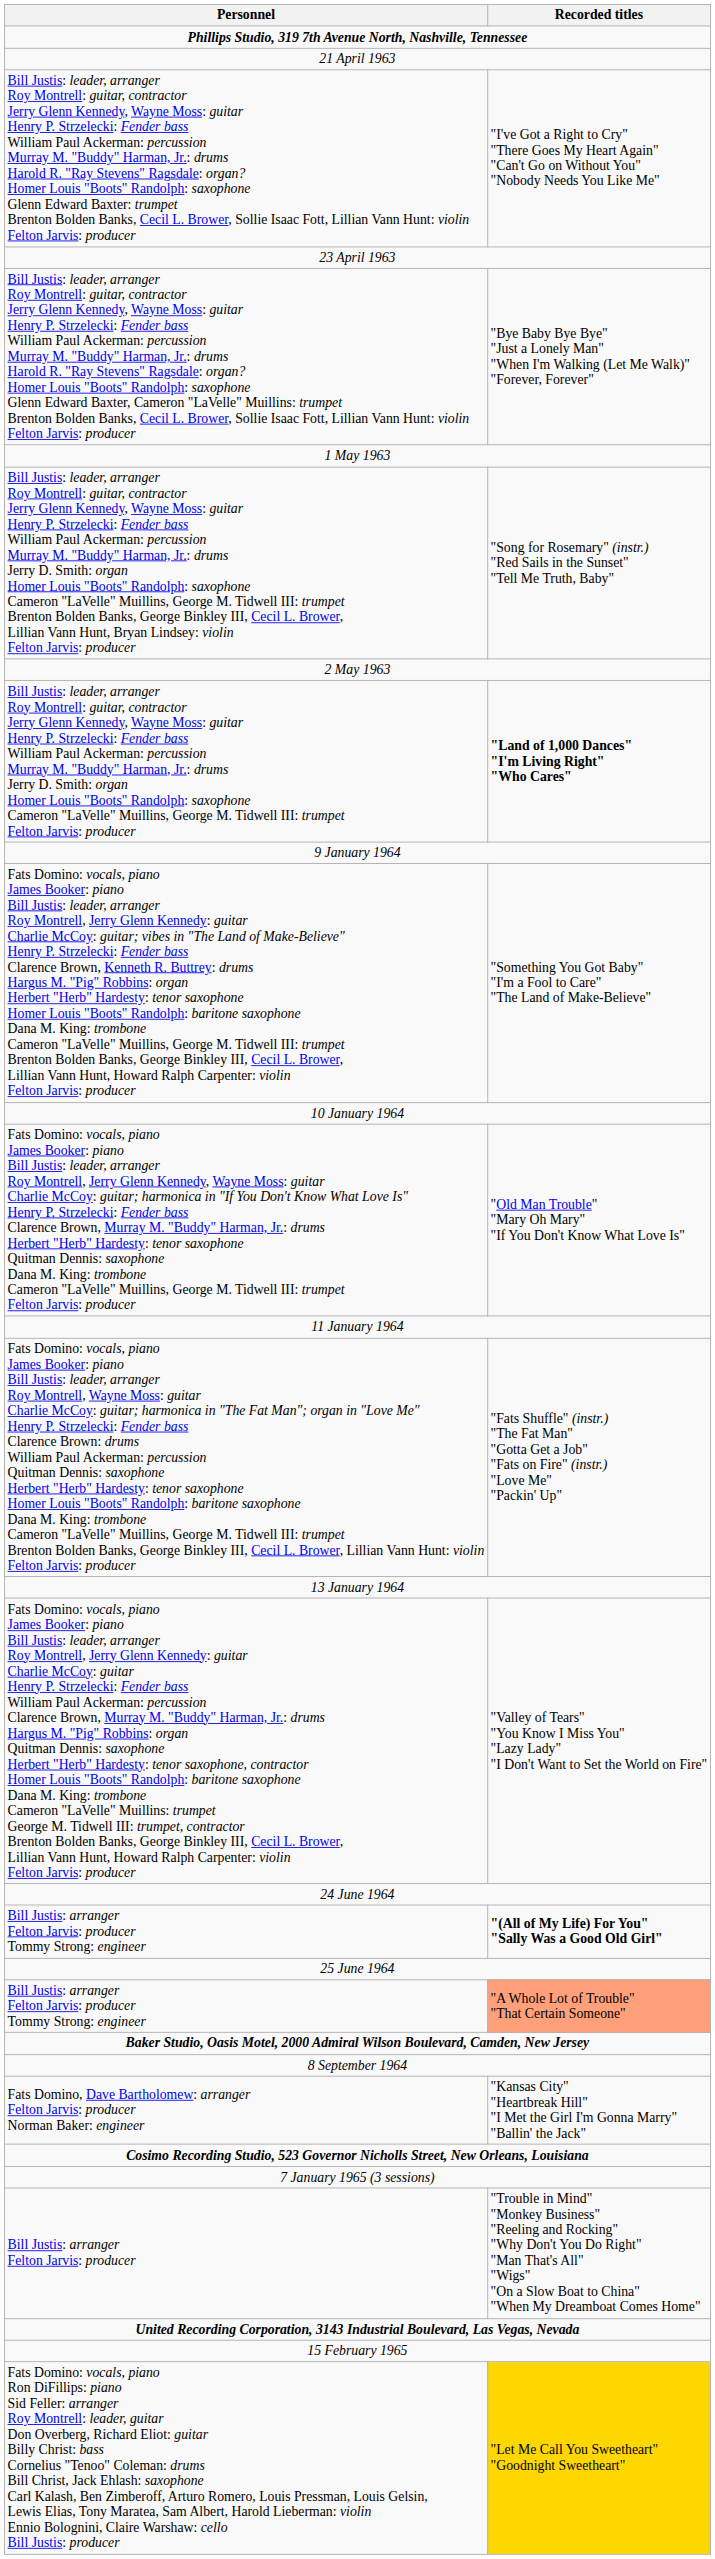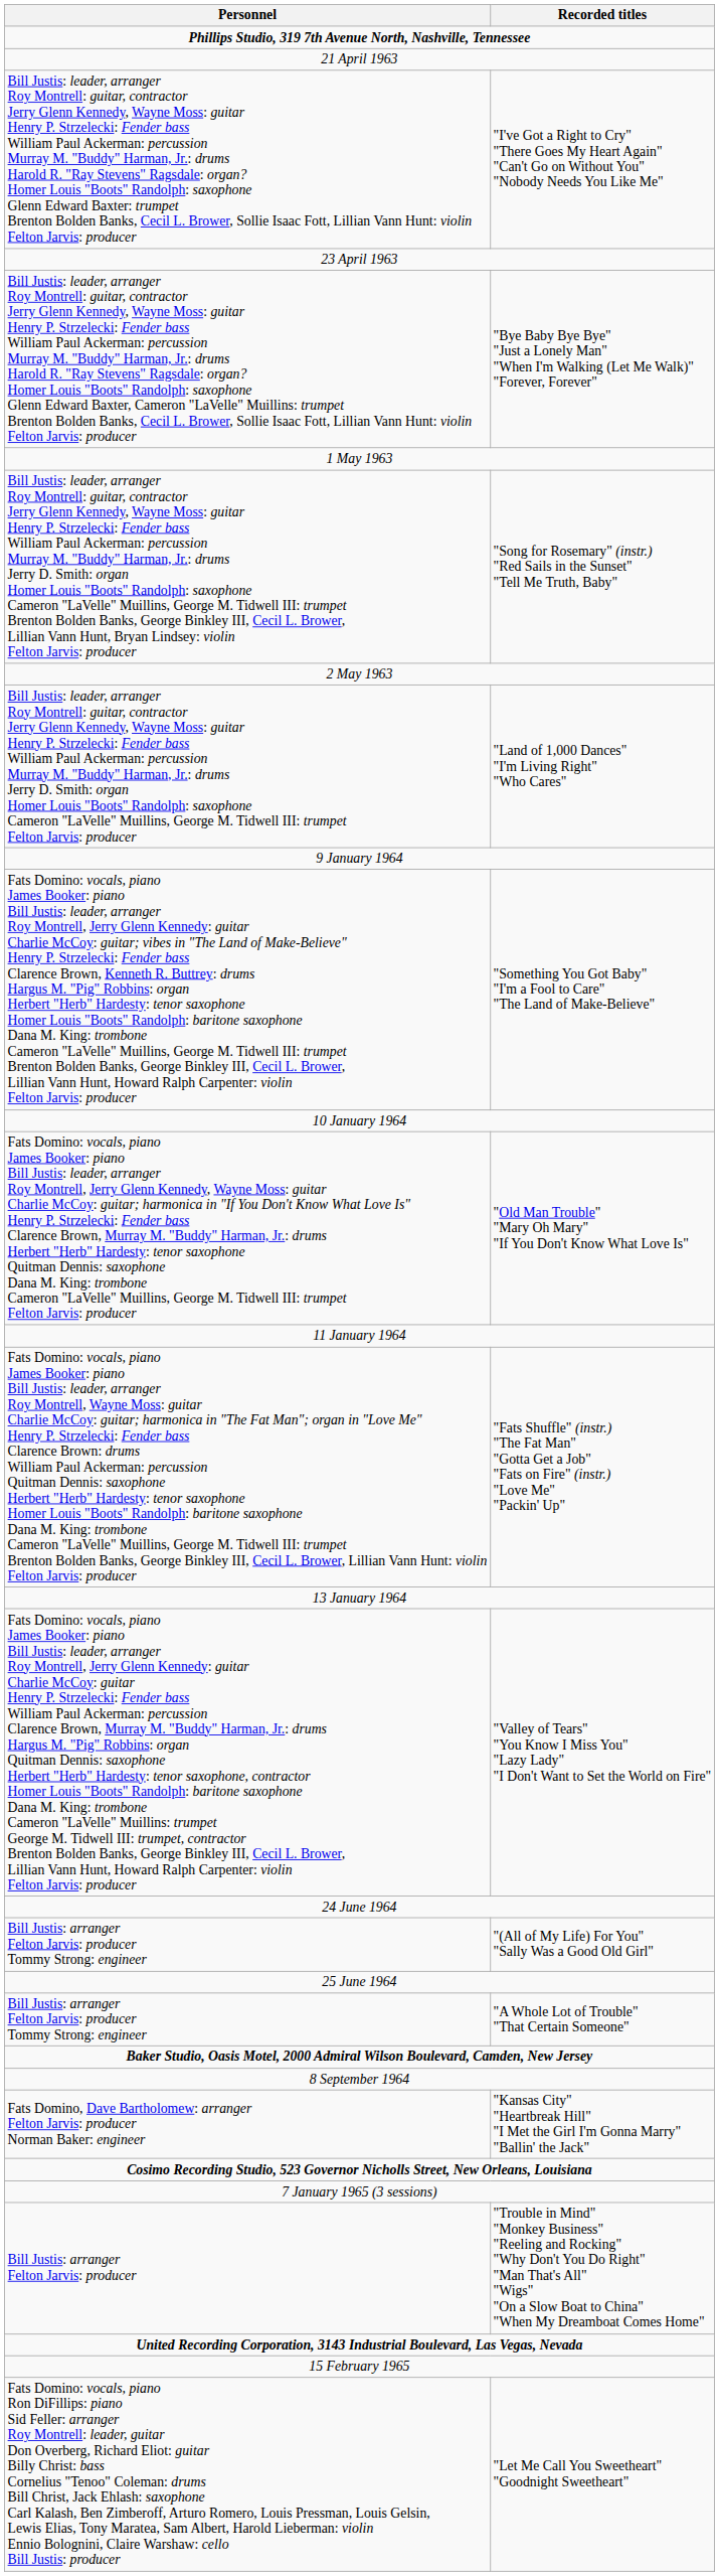 <table class="wikitable">
 <tr>
 <th>Personnel</th>
 <th>Recorded titles</th>
 </tr>
 <tr>
 <td colspan="2" align=center><strong><em>Phillips Studio, 319 7th Avenue North, Nashville, Tennessee</em></strong></td>
 </tr>
 <tr>
 <td colspan="2" align=center><em>21 April 1963</em></td>
 </tr>
 <tr>
 <td><a href='#'>Bill Justis</a>: <em>leader, arranger</em><br><a href='#'>Roy Montrell</a>: <em>guitar, contractor</em><br><a href='#'>Jerry Glenn Kennedy</a>, <a href='#'>Wayne Moss</a>: <em>guitar</em><br><a href='#'>Henry P. Strzelecki</a>: <em><a href='#'>Fender bass</a></em><br>William Paul Ackerman: <em>percussion</em><br><a href='#'>Murray M. "Buddy" Harman, Jr.</a>: <em>drums</em><br><a href='#'>Harold R. "Ray Stevens" Ragsdale</a>: <em>organ?</em><br><a href='#'>Homer Louis "Boots" Randolph</a>: <em>saxophone</em><br>Glenn Edward Baxter: <em>trumpet</em><br>Brenton Bolden Banks, <a href='#'>Cecil L. Brower</a>, Sollie Isaac Fott, Lillian Vann Hunt: <em>violin</em><br><a href='#'>Felton Jarvis</a>: <em>producer</em></td>
 <td>"I've Got a Right to Cry"<br>"There Goes My Heart Again"<br>"Can't Go on Without You"<br>"Nobody Needs You Like Me"</td>
 </tr>
 <tr>
 <td colspan="2" align=center><em>23 April 1963</em></td>
 </tr>
 <tr>
 <td><a href='#'>Bill Justis</a>: <em>leader, arranger</em><br><a href='#'>Roy Montrell</a>: <em>guitar, contractor</em><br><a href='#'>Jerry Glenn Kennedy</a>, <a href='#'>Wayne Moss</a>: <em>guitar</em><br><a href='#'>Henry P. Strzelecki</a>: <em><a href='#'>Fender bass</a></em><br>William Paul Ackerman: <em>percussion</em><br><a href='#'>Murray M. "Buddy" Harman, Jr.</a>: <em>drums</em><br><a href='#'>Harold R. "Ray Stevens" Ragsdale</a>: <em>organ?</em><br><a href='#'>Homer Louis "Boots" Randolph</a>: <em>saxophone</em><br>Glenn Edward Baxter, Cameron "LaVelle" Muillins: <em>trumpet</em><br>Brenton Bolden Banks, <a href='#'>Cecil L. Brower</a>, Sollie Isaac Fott, Lillian Vann Hunt: <em>violin</em><br><a href='#'>Felton Jarvis</a>: <em>producer</em></td>
 <td>"Bye Baby Bye Bye"<br>"Just a Lonely Man"<br>"When I'm Walking (Let Me Walk)"<br>"Forever, Forever"</td>
 </tr>
 <tr>
 <td colspan="2" align=center><em>1 May 1963</em></td>
 </tr>
 <tr>
 <td><a href='#'>Bill Justis</a>: <em>leader, arranger</em><br><a href='#'>Roy Montrell</a>: <em>guitar, contractor</em><br><a href='#'>Jerry Glenn Kennedy</a>, <a href='#'>Wayne Moss</a>: <em>guitar</em><br><a href='#'>Henry P. Strzelecki</a>: <em><a href='#'>Fender bass</a></em><br>William Paul Ackerman: <em>percussion</em><br><a href='#'>Murray M. "Buddy" Harman, Jr.</a>: <em>drums</em><br>Jerry D. Smith: <em>organ</em><br><a href='#'>Homer Louis "Boots" Randolph</a>: <em>saxophone</em><br>Cameron "LaVelle" Muillins, George M. Tidwell III: <em>trumpet</em><br>Brenton Bolden Banks, George Binkley III, <a href='#'>Cecil L. Brower</a>,<br>Lillian Vann Hunt, Bryan Lindsey: <em>violin</em><br><a href='#'>Felton Jarvis</a>: <em>producer</em></td>
 <td>"Song for Rosemary" <em>(instr.)</em><br>"Red Sails in the Sunset"<br>"Tell Me Truth, Baby"</td>
 </tr>
 <tr>
 <td colspan="2" align=center><em>2 May 1963</em></td>
 </tr>
 <tr>
 <td><a href='#'>Bill Justis</a>: <em>leader, arranger</em><br><a href='#'>Roy Montrell</a>: <em>guitar, contractor</em><br><a href='#'>Jerry Glenn Kennedy</a>, <a href='#'>Wayne Moss</a>: <em>guitar</em><br><a href='#'>Henry P. Strzelecki</a>: <em><a href='#'>Fender bass</a></em><br>William Paul Ackerman: <em>percussion</em><br><a href='#'>Murray M. "Buddy" Harman, Jr.</a>: <em>drums</em><br>Jerry D. Smith: <em>organ</em><br><a href='#'>Homer Louis "Boots" Randolph</a>: <em>saxophone</em><br>Cameron "LaVelle" Muillins, George M. Tidwell III: <em>trumpet</em><br><a href='#'>Felton Jarvis</a>: <em>producer</em></td>
-<td><strong>"Land of 1,000 Dances"<br>"I'm Living Right"<br>"Who Cares"</strong></td>
+<td>"Land of 1,000 Dances"<br>"I'm Living Right"<br>"Who Cares"</td>
 </tr>
 <tr>
 <td colspan="2" align=center><em>9 January 1964</em></td>
 </tr>
 <tr>
 <td>Fats Domino: <em>vocals, piano</em><br><a href='#'>James Booker</a>: <em>piano</em><br><a href='#'>Bill Justis</a>: <em>leader, arranger</em><br><a href='#'>Roy Montrell</a>, <a href='#'>Jerry Glenn Kennedy</a>: <em>guitar</em><br><a href='#'>Charlie McCoy</a>: <em>guitar; vibes in "The Land of Make-Believe"</em><br><a href='#'>Henry P. Strzelecki</a>: <em><a href='#'>Fender bass</a></em><br>Clarence Brown, <a href='#'>Kenneth R. Buttrey</a>: <em>drums</em><br><a href='#'>Hargus M. "Pig" Robbins</a>: <em>organ</em><br><a href='#'>Herbert "Herb" Hardesty</a>: <em>tenor saxophone</em><br><a href='#'>Homer Louis "Boots" Randolph</a>: <em>baritone saxophone</em><br>Dana M. King: <em>trombone</em><br>Cameron "LaVelle" Muillins, George M. Tidwell III: <em>trumpet</em><br>Brenton Bolden Banks, George Binkley III, <a href='#'>Cecil L. Brower</a>,<br>Lillian Vann Hunt, Howard Ralph Carpenter: <em>violin</em><br><a href='#'>Felton Jarvis</a>: <em>producer</em></td>
 <td>"Something You Got Baby"<br>"I'm a Fool to Care"<br>"The Land of Make-Believe"</td>
 </tr>
 <tr>
 <td colspan="2" align=center><em>10 January 1964</em></td>
 </tr>
 <tr>
 <td>Fats Domino: <em>vocals, piano</em><br><a href='#'>James Booker</a>: <em>piano</em><br><a href='#'>Bill Justis</a>: <em>leader, arranger</em><br><a href='#'>Roy Montrell</a>, <a href='#'>Jerry Glenn Kennedy</a>, <a href='#'>Wayne Moss</a>: <em>guitar</em><br><a href='#'>Charlie McCoy</a>: <em>guitar; harmonica in "If You Don't Know What Love Is"</em><br><a href='#'>Henry P. Strzelecki</a>: <em><a href='#'>Fender bass</a></em><br>Clarence Brown, <a href='#'>Murray M. "Buddy" Harman, Jr.</a>: <em>drums</em><br><a href='#'>Herbert "Herb" Hardesty</a>: <em>tenor saxophone</em><br>Quitman Dennis: <em>saxophone</em><br>Dana M. King: <em>trombone</em><br>Cameron "LaVelle" Muillins, George M. Tidwell III: <em>trumpet</em><br><a href='#'>Felton Jarvis</a>: <em>producer</em></td>
 <td>"<a href='#'>Old Man Trouble</a>"<br>"Mary Oh Mary"<br>"If You Don't Know What Love Is"</td>
 </tr>
 <tr>
 <td colspan="2" align=center><em>11 January 1964</em></td>
 </tr>
 <tr>
 <td>Fats Domino: <em>vocals, piano</em><br><a href='#'>James Booker</a>: <em>piano</em><br><a href='#'>Bill Justis</a>: <em>leader, arranger</em><br><a href='#'>Roy Montrell</a>, <a href='#'>Wayne Moss</a>: <em>guitar</em><br><a href='#'>Charlie McCoy</a>: <em>guitar; harmonica in "The Fat Man"; organ in "Love Me"</em><br><a href='#'>Henry P. Strzelecki</a>: <em><a href='#'>Fender bass</a></em><br>Clarence Brown: <em>drums</em><br>William Paul Ackerman: <em>percussion</em><br>Quitman Dennis: <em>saxophone</em><br><a href='#'>Herbert "Herb" Hardesty</a>: <em>tenor saxophone</em><br><a href='#'>Homer Louis "Boots" Randolph</a>: <em>baritone saxophone</em><br>Dana M. King: <em>trombone</em><br>Cameron "LaVelle" Muillins, George M. Tidwell III: <em>trumpet</em><br>Brenton Bolden Banks, George Binkley III, <a href='#'>Cecil L. Brower</a>, Lillian Vann Hunt: <em>violin</em><br><a href='#'>Felton Jarvis</a>: <em>producer</em></td>
 <td>"Fats Shuffle" <em>(instr.)</em><br>"The Fat Man"<br>"Gotta Get a Job"<br>"Fats on Fire" <em>(instr.)</em><br>"Love Me"<br>"Packin' Up"</td>
 </tr>
 <tr>
 <td colspan="2" align=center><em>13 January 1964</em></td>
 </tr>
 <tr>
 <td>Fats Domino: <em>vocals, piano</em><br><a href='#'>James Booker</a>: <em>piano</em><br><a href='#'>Bill Justis</a>: <em>leader, arranger</em><br><a href='#'>Roy Montrell</a>, <a href='#'>Jerry Glenn Kennedy</a>: <em>guitar</em><br><a href='#'>Charlie McCoy</a>: <em>guitar</em><br><a href='#'>Henry P. Strzelecki</a>: <em><a href='#'>Fender bass</a></em><br>William Paul Ackerman: <em>percussion</em><br>Clarence Brown, <a href='#'>Murray M. "Buddy" Harman, Jr.</a>: <em>drums</em><br><a href='#'>Hargus M. "Pig" Robbins</a>: <em>organ</em><br>Quitman Dennis: <em>saxophone</em><br><a href='#'>Herbert "Herb" Hardesty</a>: <em>tenor saxophone, contractor</em><br><a href='#'>Homer Louis "Boots" Randolph</a>: <em>baritone saxophone</em><br>Dana M. King: <em>trombone</em><br>Cameron "LaVelle" Muillins: <em>trumpet</em><br>George M. Tidwell III: <em>trumpet, contractor</em><br>Brenton Bolden Banks, George Binkley III, <a href='#'>Cecil L. Brower</a>,<br>Lillian Vann Hunt, Howard Ralph Carpenter: <em>violin</em><br><a href='#'>Felton Jarvis</a>: <em>producer</em></td>
 <td>"Valley of Tears"<br>"You Know I Miss You"<br>"Lazy Lady"<br>"I Don't Want to Set the World on Fire"</td>
 </tr>
 <tr>
 <td colspan="2" align=center><em>24 June 1964</em></td>
 </tr>
 <tr>
 <td><a href='#'>Bill Justis</a>: <em>arranger</em><br><a href='#'>Felton Jarvis</a>: <em>producer</em><br>Tommy Strong: <em>engineer</em></td>
-<td><strong>"(All of My Life) For You"<br>"Sally Was a Good Old Girl"</strong></td>
+<td>"(All of My Life) For You"<br>"Sally Was a Good Old Girl"</td>
 </tr>
 <tr>
 <td colspan="2" align=center><em>25 June 1964</em></td>
 </tr>
 <tr>
 <td><a href='#'>Bill Justis</a>: <em>arranger</em><br><a href='#'>Felton Jarvis</a>: <em>producer</em><br>Tommy Strong: <em>engineer</em></td>
-<td style="background: lightsalmon;">"A Whole Lot of Trouble"<br>"That Certain Someone"</td>
+<td>"A Whole Lot of Trouble"<br>"That Certain Someone"</td>
 </tr>
 <tr>
 <td colspan="2" align=center><strong><em>Baker Studio, Oasis Motel, 2000 Admiral Wilson Boulevard, Camden, New Jersey</em></strong></td>
 </tr>
 <tr>
 <td colspan="2" align=center><em>8 September 1964</em></td>
 </tr>
 <tr>
 <td>Fats Domino, <a href='#'>Dave Bartholomew</a>: <em>arranger</em><br><a href='#'>Felton Jarvis</a>: <em>producer</em><br>Norman Baker: <em>engineer</em></td>
 <td>"Kansas City"<br>"Heartbreak Hill"<br>"I Met the Girl I'm Gonna Marry"<br>"Ballin' the Jack"</td>
 </tr>
 <tr>
 <td colspan="2" align=center><strong><em>Cosimo Recording Studio, 523 Governor Nicholls Street, New Orleans, Louisiana</em></strong></td>
 </tr>
 <tr>
 <td colspan="2" align=center><em>7 January 1965 (3 sessions)</em></td>
 </tr>
 <tr>
 <td><a href='#'>Bill Justis</a>: <em>arranger</em><br><a href='#'>Felton Jarvis</a>: <em>producer</em></td>
 <td>"Trouble in Mind"<br>"Monkey Business"<br>"Reeling and Rocking"<br>"Why Don't You Do Right"<br>"Man That's All"<br>"Wigs"<br>"On a Slow Boat to China"<br>"When My Dreamboat Comes Home"</td>
 </tr>
 <tr>
 <td colspan="2" align=center><strong><em>United Recording Corporation, 3143 Industrial Boulevard, Las Vegas, Nevada</em></strong></td>
 </tr>
 <tr>
 <td colspan="2" align=center><em>15 February 1965</em></td>
 </tr>
 <tr>
 <td>Fats Domino: <em>vocals, piano</em><br>Ron DiFillips: <em>piano</em><br>Sid Feller: <em>arranger</em><br><a href='#'>Roy Montrell</a>: <em>leader, guitar</em><br>Don Overberg, Richard Eliot: <em>guitar</em><br>Billy Christ: <em>bass</em><br>Cornelius "Tenoo" Coleman: <em>drums</em><br>Bill Christ, Jack Ehlash: <em>saxophone</em><br>Carl Kalash, Ben Zimberoff, Arturo Romero, Louis Pressman, Louis Gelsin,<br>Lewis Elias, Tony Maratea, Sam Albert, Harold Lieberman: <em>violin</em><br>Ennio Bolognini, Claire Warshaw: <em>cello</em><br><a href='#'>Bill Justis</a>: <em>producer</em></td>
-<td style="background: gold;">"Let Me Call You Sweetheart"<br>"Goodnight Sweetheart"</td>
+<td>"Let Me Call You Sweetheart"<br>"Goodnight Sweetheart"</td>
 </tr>
 </table>
